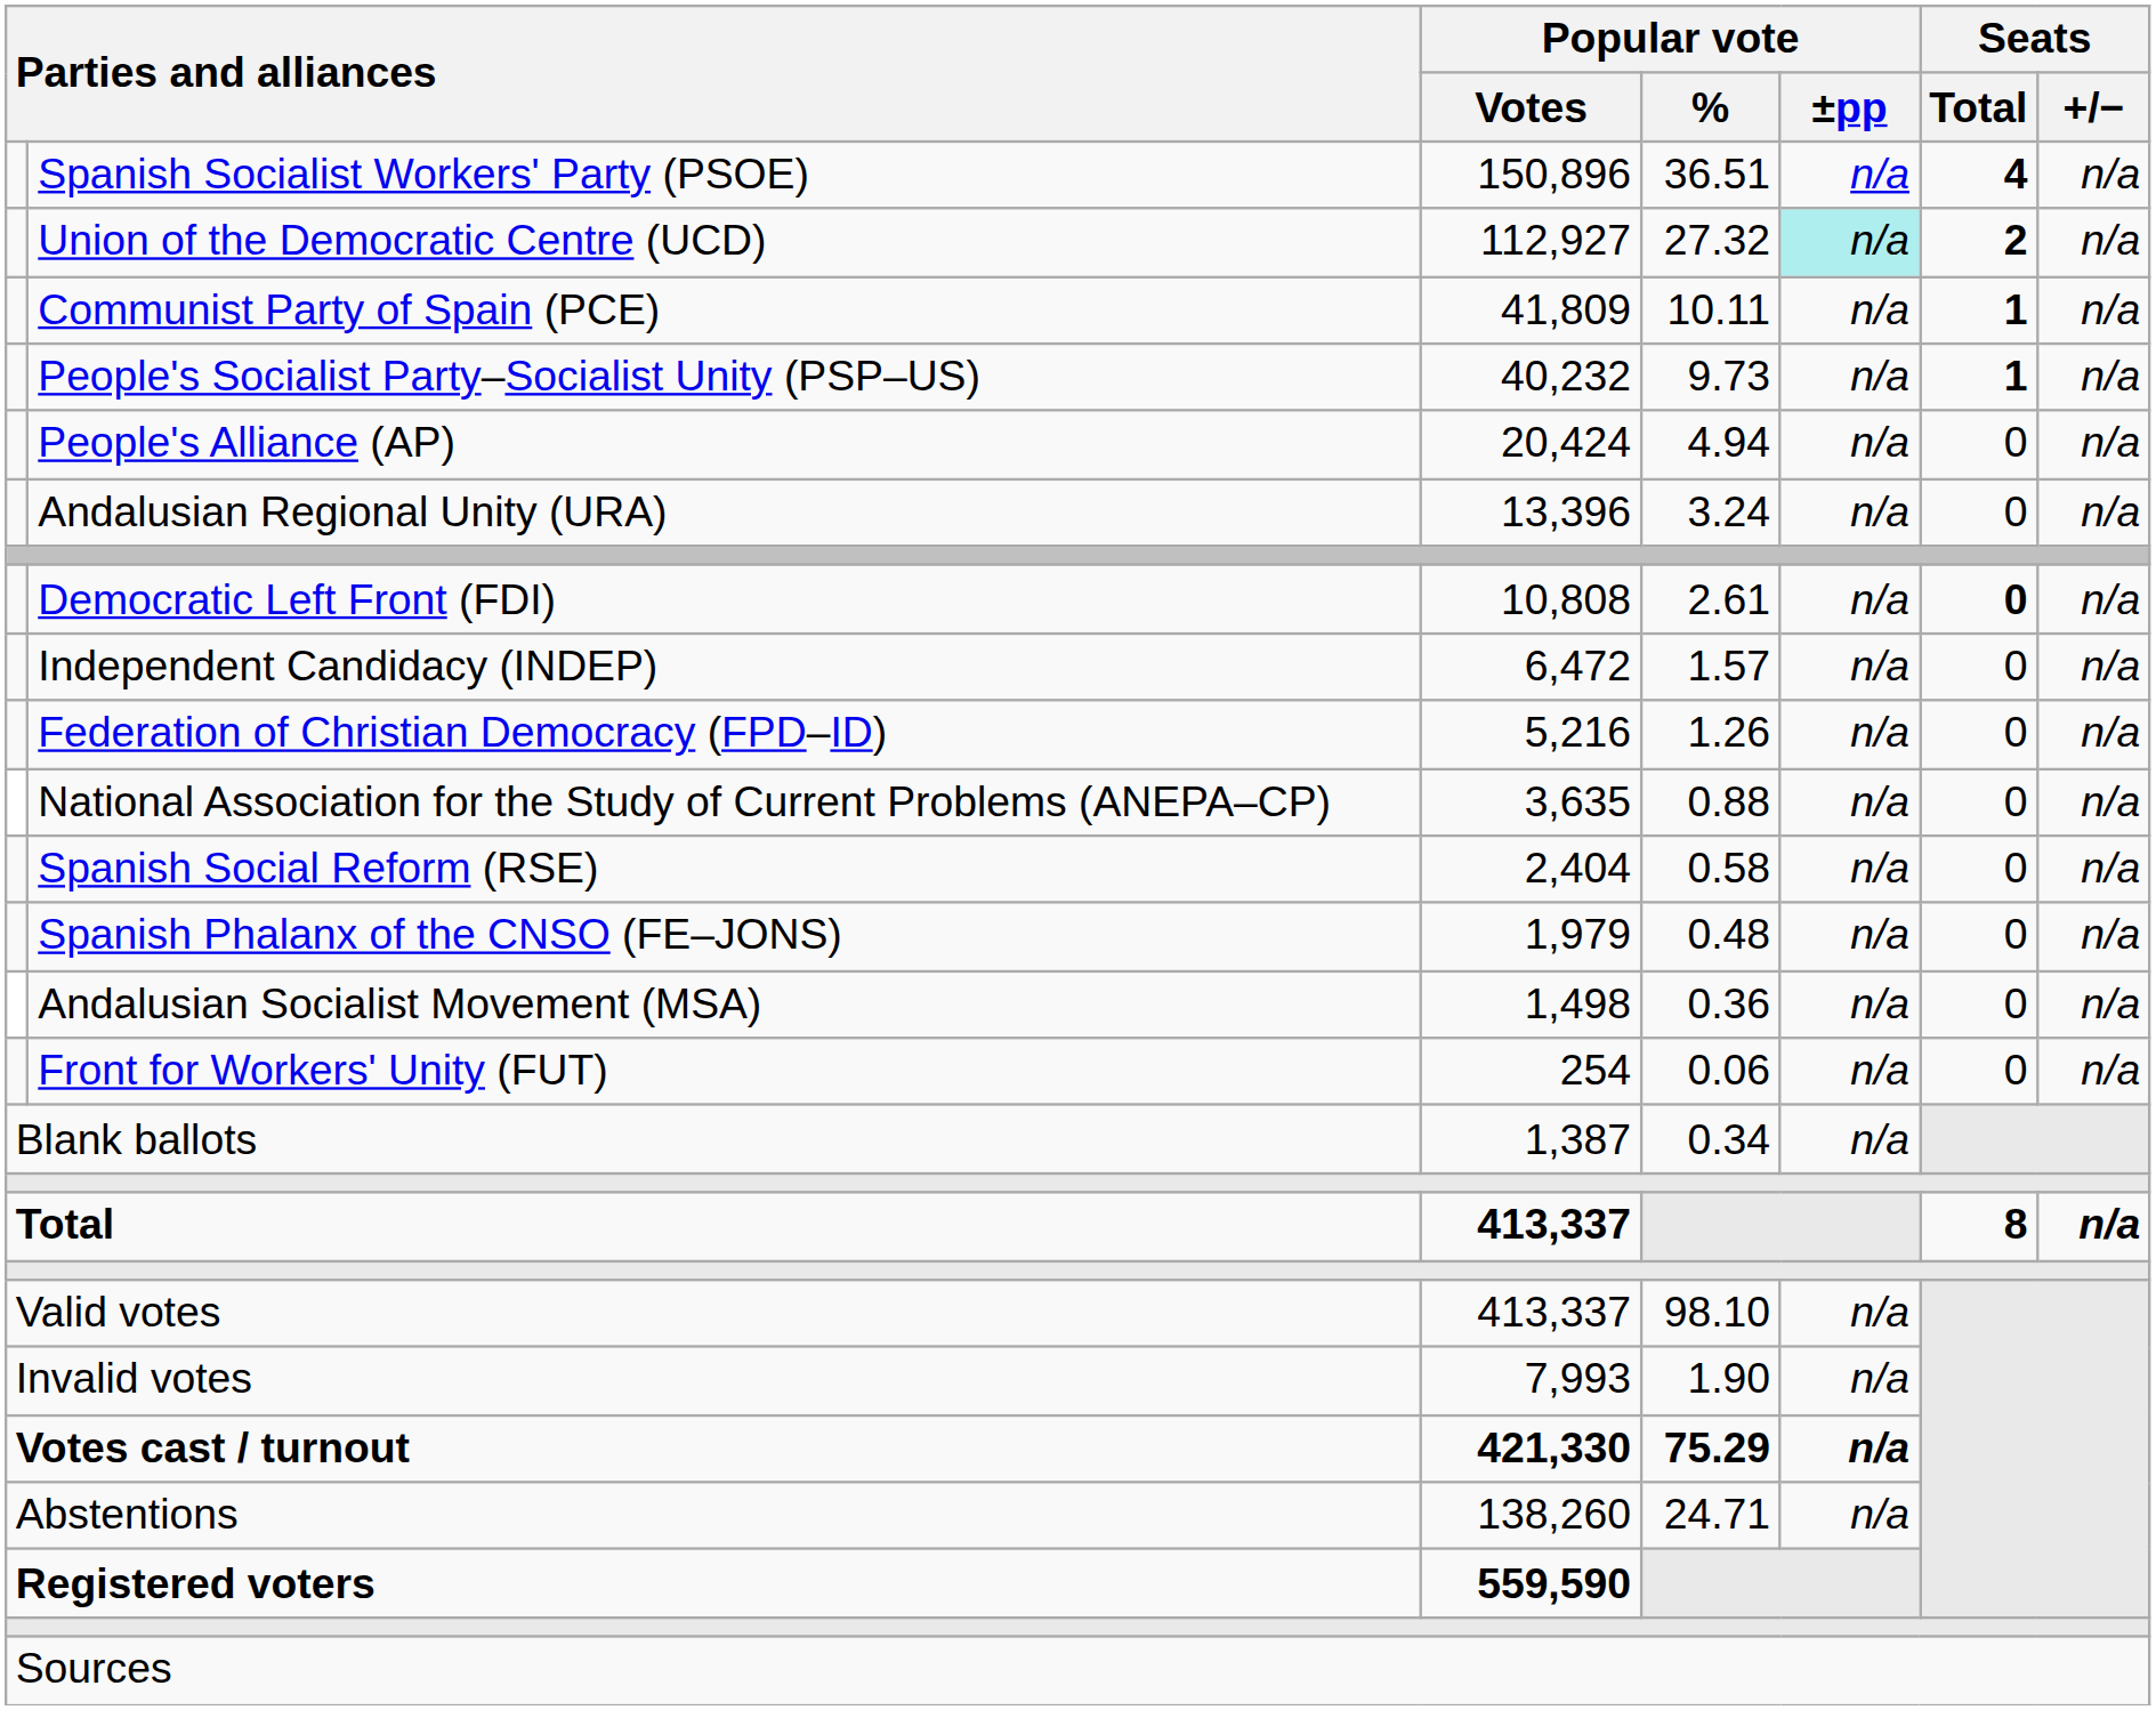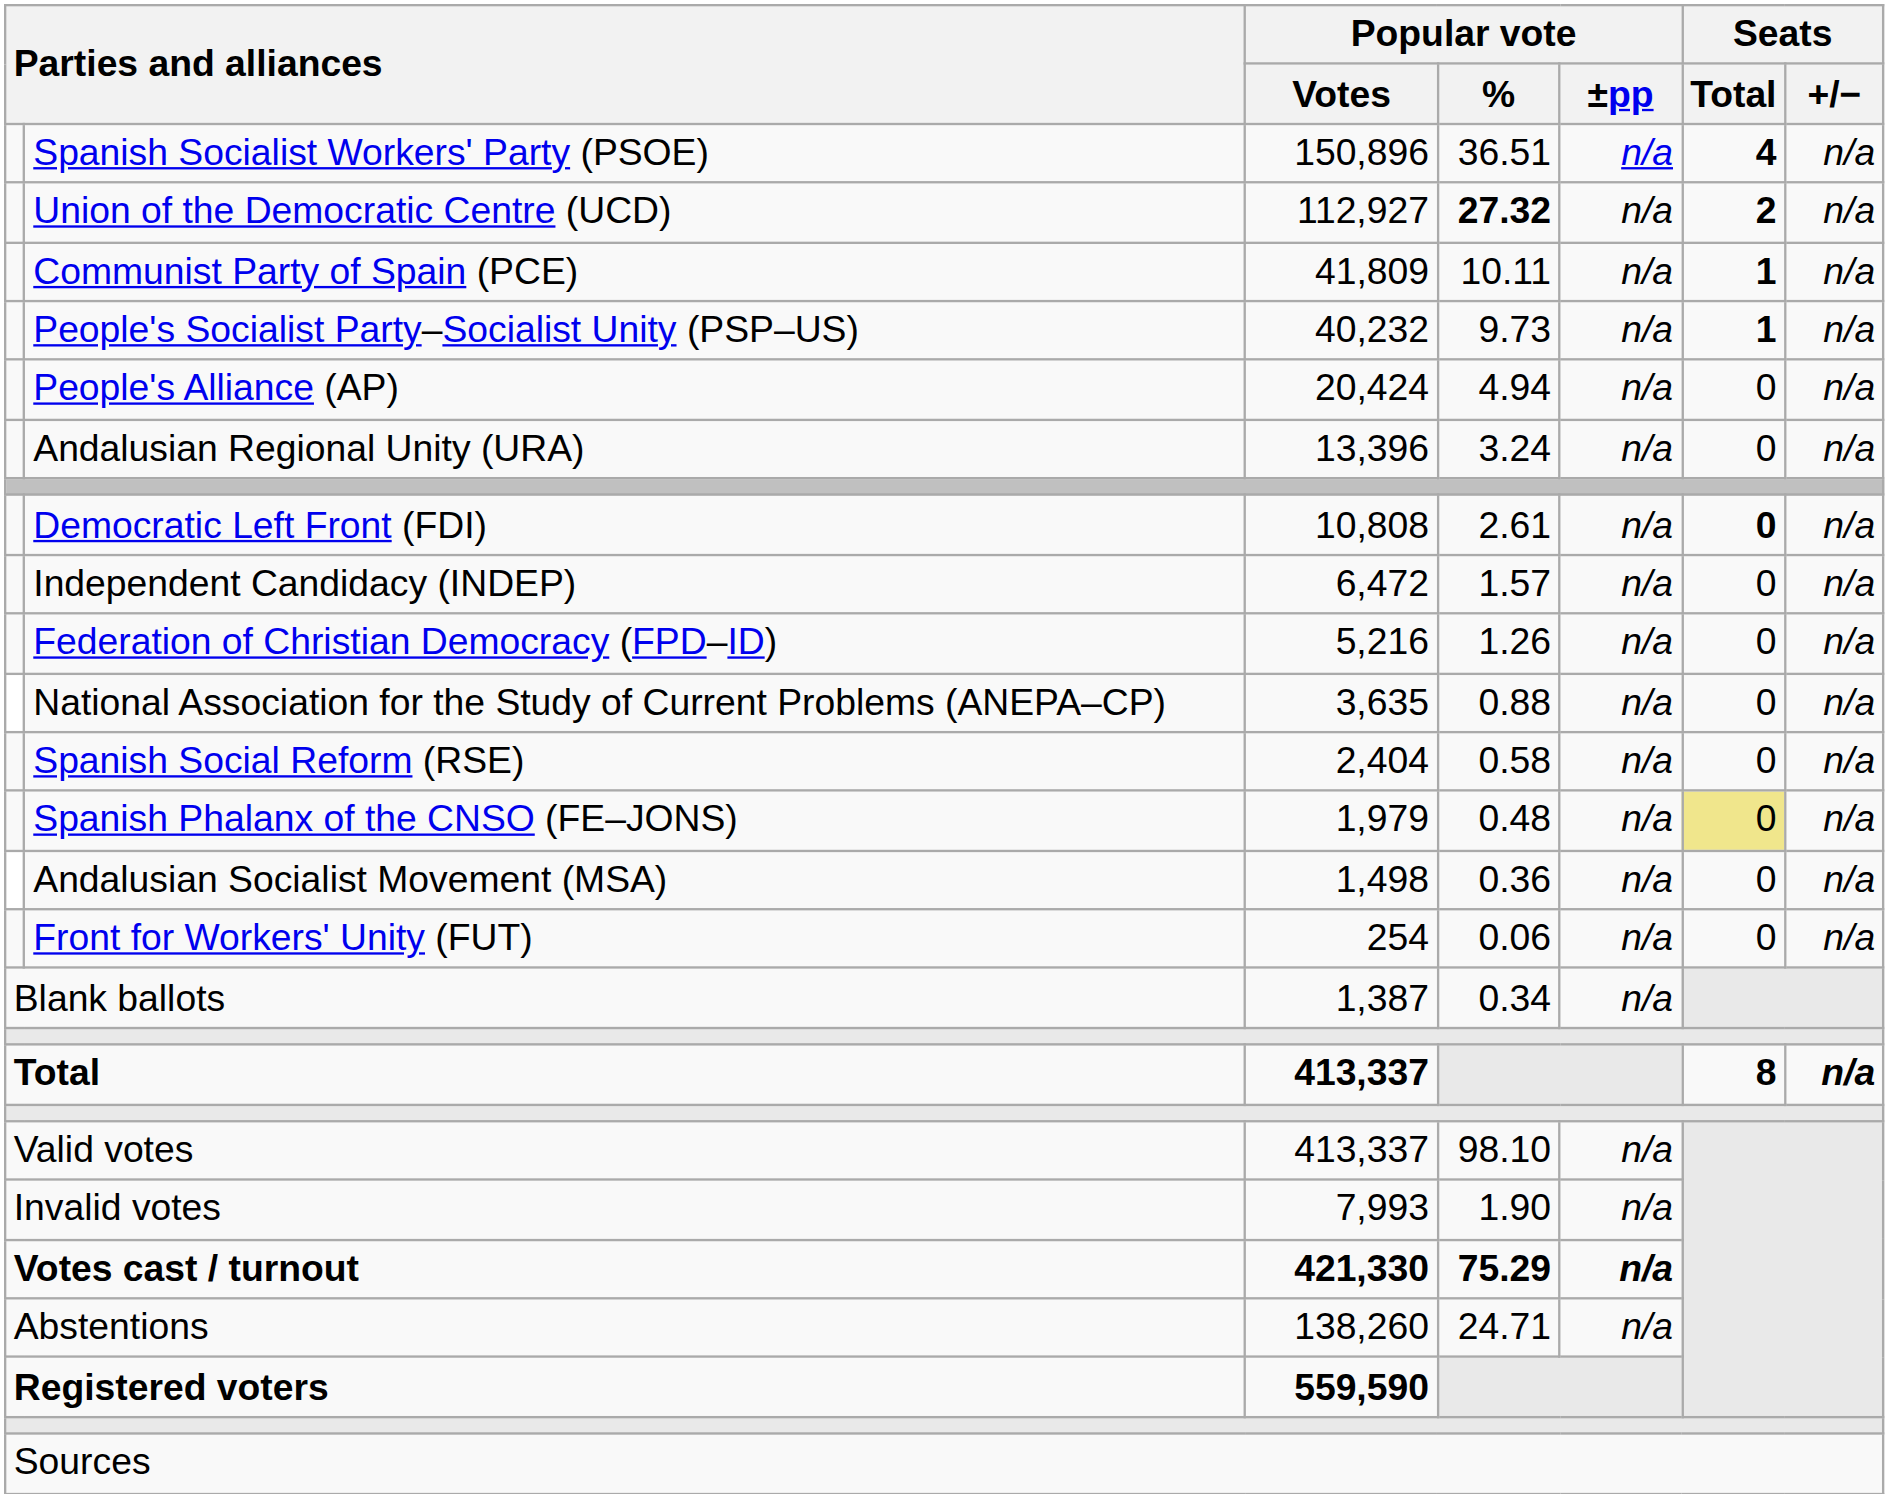 <table class="wikitable" style="text-align:right;">
 <tr>
 <th style="text-align:left;" rowspan="2" colspan="2" width="525">Parties and alliances</th>
 <th colspan="3">Popular vote</th>
 <th colspan="2">Seats</th>
 </tr>
 <tr>
 <th width="75">Votes</th>
 <th width="45">%</th>
 <th width="45">±<a href='#'>pp</a></th>
 <th width="35">Total</th>
 <th width="35">+/−</th>
 </tr>
 <tr>
 <td width="1" style="color:inherit;background:"></td>
 <td align="left"><a href='#'>Spanish Socialist Workers' Party</a> (PSOE)</td>
 <td>150,896</td>
 <td>36.51</td>
 <td><em><a href='#'>n/a</a></em></td>
 <td><strong>4</strong></td>
 <td><em>n/a</em></td>
 </tr>
 <tr>
 <td style="color:inherit;background:"></td>
 <td align="left"><a href='#'>Union of the Democratic Centre</a> (UCD)</td>
 <td>112,927</td>
-<td>27.32</td>
-<td style="background: paleturquoise;"><em>n/a</em></td>
+<td><strong>27.32</strong></td>
+<td><em>n/a</em></td>
 <td><strong>2</strong></td>
 <td><em>n/a</em></td>
 </tr>
 <tr>
 <td style="color:inherit;background:"></td>
 <td align="left"><a href='#'>Communist Party of Spain</a> (PCE)</td>
 <td>41,809</td>
 <td>10.11</td>
 <td><em>n/a</em></td>
 <td><strong>1</strong></td>
 <td><em>n/a</em></td>
 </tr>
 <tr>
 <td style="color:inherit;background:"></td>
 <td align="left"><a href='#'>People's Socialist Party</a>–<a href='#'>Socialist Unity</a> (PSP–US)</td>
 <td>40,232</td>
 <td>9.73</td>
 <td><em>n/a</em></td>
 <td><strong>1</strong></td>
 <td><em>n/a</em></td>
 </tr>
 <tr>
 <td style="color:inherit;background:"></td>
 <td align="left"><a href='#'>People's Alliance</a> (AP)</td>
 <td>20,424</td>
 <td>4.94</td>
 <td><em>n/a</em></td>
 <td>0</td>
 <td><em>n/a</em></td>
 </tr>
 <tr>
 <td style="color:inherit;background:"></td>
 <td align="left">Andalusian Regional Unity (URA)</td>
 <td>13,396</td>
 <td>3.24</td>
 <td><em>n/a</em></td>
 <td>0</td>
 <td><em>n/a</em></td>
 </tr>
 <tr>
 <td colspan="7" bgcolor="#C0C0C0"></td>
 </tr>
 <tr>
 <td style="color:inherit;background:"></td>
 <td align="left"><a href='#'>Democratic Left Front</a> (FDI)</td>
 <td>10,808</td>
 <td>2.61</td>
 <td><em>n/a</em></td>
 <td><strong>0</strong></td>
 <td><em>n/a</em></td>
 </tr>
 <tr>
 <td style="color:inherit;background:"></td>
 <td align="left">Independent Candidacy (INDEP)</td>
 <td>6,472</td>
 <td>1.57</td>
 <td><em>n/a</em></td>
 <td>0</td>
 <td><em>n/a</em></td>
 </tr>
 <tr>
 <td style="color:inherit;background:"></td>
 <td align="left"><a href='#'>Federation of Christian Democracy</a> (<a href='#'>FPD</a>–<a href='#'>ID</a>)</td>
 <td>5,216</td>
 <td>1.26</td>
 <td><em>n/a</em></td>
 <td>0</td>
 <td><em>n/a</em></td>
 </tr>
 <tr>
 <td bgcolor="white"></td>
 <td align="left">National Association for the Study of Current Problems (ANEPA–CP)</td>
 <td>3,635</td>
 <td>0.88</td>
 <td><em>n/a</em></td>
 <td>0</td>
 <td><em>n/a</em></td>
 </tr>
 <tr>
 <td style="color:inherit;background:"></td>
 <td align="left"><a href='#'>Spanish Social Reform</a> (RSE)</td>
 <td>2,404</td>
 <td>0.58</td>
 <td><em>n/a</em></td>
 <td>0</td>
 <td><em>n/a</em></td>
 </tr>
 <tr>
 <td style="color:inherit;background:"></td>
 <td align="left"><a href='#'>Spanish Phalanx of the CNSO</a> (FE–JONS)</td>
 <td>1,979</td>
 <td>0.48</td>
 <td><em>n/a</em></td>
-<td>0</td>
+<td style="background: khaki;">0</td>
 <td><em>n/a</em></td>
 </tr>
 <tr>
 <td bgcolor="white"></td>
 <td align="left">Andalusian Socialist Movement (MSA)</td>
 <td>1,498</td>
 <td>0.36</td>
 <td><em>n/a</em></td>
 <td>0</td>
 <td><em>n/a</em></td>
 </tr>
 <tr>
 <td style="color:inherit;background:"></td>
 <td align="left"><a href='#'>Front for Workers' Unity</a> (FUT)</td>
 <td>254</td>
 <td>0.06</td>
 <td><em>n/a</em></td>
 <td>0</td>
 <td><em>n/a</em></td>
 </tr>
 <tr>
 <td align="left" colspan="2">Blank ballots</td>
 <td>1,387</td>
 <td>0.34</td>
 <td><em>n/a</em></td>
 <td bgcolor="#E9E9E9" colspan="2"></td>
 </tr>
 <tr>
 <td colspan="7" bgcolor="#E9E9E9"></td>
 </tr>
 <tr style="font-weight:bold;">
 <td align="left" colspan="2">Total</td>
 <td>413,337</td>
 <td bgcolor="#E9E9E9" colspan="2"></td>
 <td>8</td>
 <td><em>n/a</em></td>
 </tr>
 <tr>
 <td colspan="7" bgcolor="#E9E9E9"></td>
 </tr>
 <tr>
 <td align="left" colspan="2">Valid votes</td>
 <td>413,337</td>
 <td>98.10</td>
 <td><em>n/a</em></td>
 <td bgcolor="#E9E9E9" colspan="2" rowspan="5"></td>
 </tr>
 <tr>
 <td align="left" colspan="2">Invalid votes</td>
 <td>7,993</td>
 <td>1.90</td>
 <td><em>n/a</em></td>
 </tr>
 <tr style="font-weight:bold;">
 <td align="left" colspan="2">Votes cast / turnout</td>
 <td>421,330</td>
 <td>75.29</td>
 <td><em>n/a</em></td>
 </tr>
 <tr>
 <td align="left" colspan="2">Abstentions</td>
 <td>138,260</td>
 <td>24.71</td>
 <td><em>n/a</em></td>
 </tr>
 <tr style="font-weight:bold;">
 <td align="left" colspan="2">Registered voters</td>
 <td>559,590</td>
 <td bgcolor="#E9E9E9" colspan="2"></td>
 </tr>
 <tr>
 <td colspan="7" bgcolor="#E9E9E9"></td>
 </tr>
 <tr>
 <td align="left" colspan="7">Sources</td>
 </tr>
 </table>
